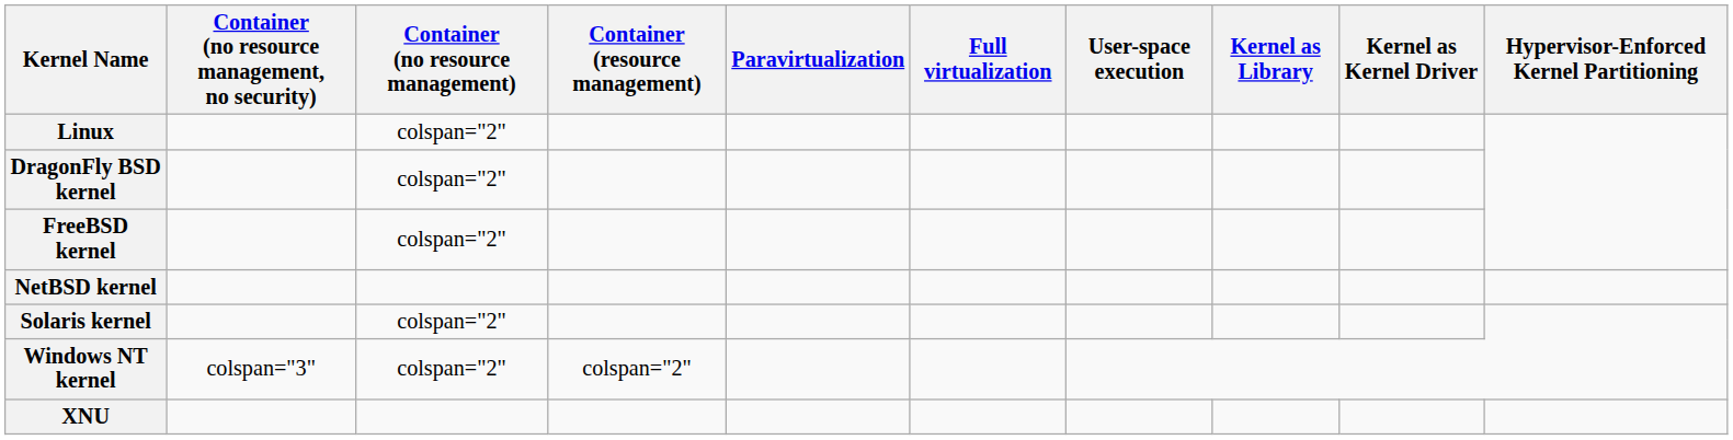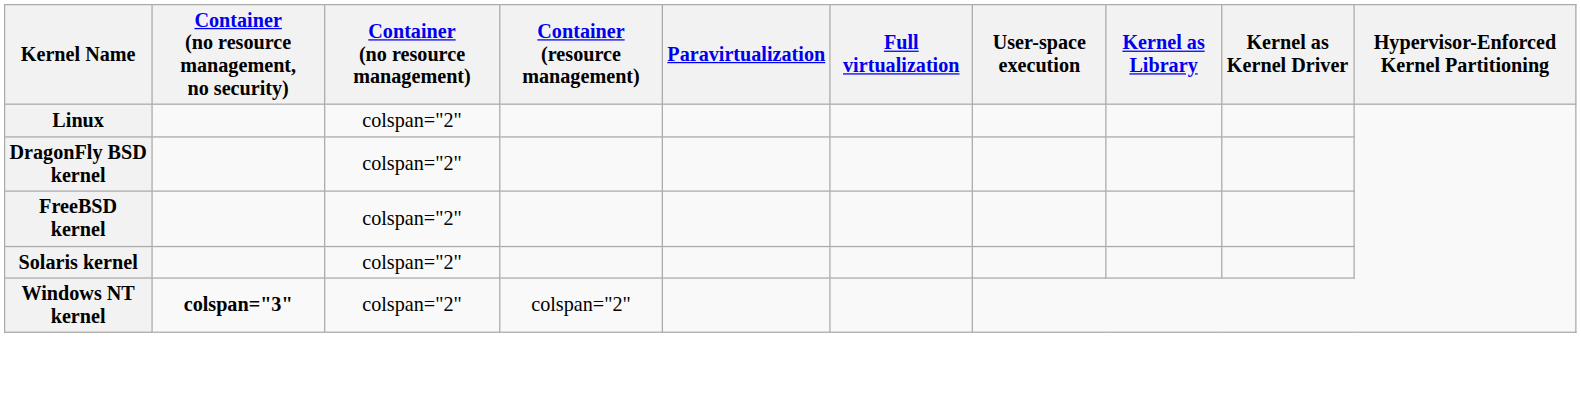 <table class="sortable sort-under wikitable" style="text-align: center; width: auto">
 <tr>
 <th>Kernel Name</th>
 <th><a href='#'>Container</a><br>(no resource management,<br>no security)</th>
 <th><a href='#'>Container</a><br>(no resource management)</th>
 <th><a href='#'>Container</a><br>(resource management)</th>
 <th><a href='#'>Paravirtualization</a></th>
 <th><a href='#'>Full virtualization</a></th>
 <th>User-space execution</th>
 <th><a href='#'>Kernel as Library</a></th>
 <th>Kernel as Kernel Driver</th>
 <th>Hypervisor-Enforced Kernel Partitioning</th>
 </tr>
 <tr>
 <th>Linux</th>
 <td></td>
 <td>colspan="2" </td>
 <td></td>
 <td></td>
 <td></td>
 <td></td>
 <td></td>
 <td></td>
 </tr>
 <tr>
 <th>DragonFly BSD kernel</th>
 <td></td>
 <td>colspan="2" </td>
 <td></td>
 <td></td>
 <td></td>
 <td></td>
 <td></td>
 <td></td>
 </tr>
 <tr>
 <th>FreeBSD kernel</th>
 <td></td>
 <td>colspan="2" </td>
 <td></td>
 <td></td>
 <td></td>
 <td></td>
 <td></td>
 <td></td>
 </tr>
 <tr>
-<th>NetBSD kernel</th>
-<td></td>
-<td></td>
-<td></td>
-<td></td>
-<td></td>
-<td></td>
-<td></td>
-<td></td>
-<td></td>
-</tr>
-<tr>
 <th>Solaris kernel</th>
 <td></td>
 <td>colspan="2" </td>
 <td></td>
 <td></td>
 <td></td>
 <td></td>
 <td></td>
 <td></td>
 </tr>
 <tr>
 <th>Windows NT kernel</th>
-<td>colspan="3" </td>
+<td><strong>colspan="3" </strong></td>
 <td>colspan="2" </td>
 <td>colspan="2" </td>
 <td></td>
 <td></td>
 </tr>
-<tr>
-<th>XNU</th>
-<td></td>
-<td></td>
-<td></td>
-<td></td>
-<td></td>
-<td></td>
-<td></td>
-<td></td>
-<td></td>
-</tr>
 </table>
